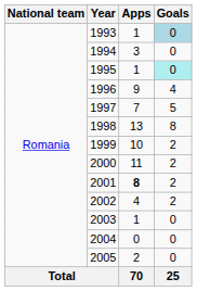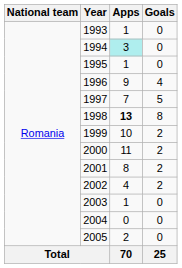 <table class="wikitable" style="text-align:center">
 <tr>
 <th>National team</th>
 <th>Year</th>
 <th>Apps</th>
 <th>Goals</th>
 </tr>
 <tr>
 <td rowspan="13"><a href='#'>Romania</a></td>
 <td>1993</td>
 <td>1</td>
-<td style="background: lightblue;">0</td>
+<td>0</td>
 </tr>
 <tr>
 <td>1994</td>
-<td>3</td>
+<td style="background: paleturquoise;">3</td>
 <td>0</td>
 </tr>
 <tr>
 <td>1995</td>
 <td>1</td>
-<td style="background: paleturquoise;">0</td>
+<td>0</td>
 </tr>
 <tr>
 <td>1996</td>
 <td>9</td>
 <td>4</td>
 </tr>
 <tr>
 <td>1997</td>
 <td>7</td>
 <td>5</td>
 </tr>
 <tr>
 <td>1998</td>
-<td>13</td>
+<td><strong>13</strong></td>
 <td>8</td>
 </tr>
 <tr>
 <td>1999</td>
 <td>10</td>
 <td>2</td>
 </tr>
 <tr>
 <td>2000</td>
 <td>11</td>
 <td>2</td>
 </tr>
 <tr>
 <td>2001</td>
-<td><strong>8</strong></td>
+<td>8</td>
 <td>2</td>
 </tr>
 <tr>
 <td>2002</td>
 <td>4</td>
 <td>2</td>
 </tr>
 <tr>
 <td>2003</td>
 <td>1</td>
 <td>0</td>
 </tr>
 <tr>
 <td>2004</td>
 <td>0</td>
 <td>0</td>
 </tr>
 <tr>
 <td>2005</td>
 <td>2</td>
 <td>0</td>
 </tr>
 <tr>
 <th colspan="2">Total</th>
 <th>70</th>
 <th>25</th>
 </tr>
 </table>
